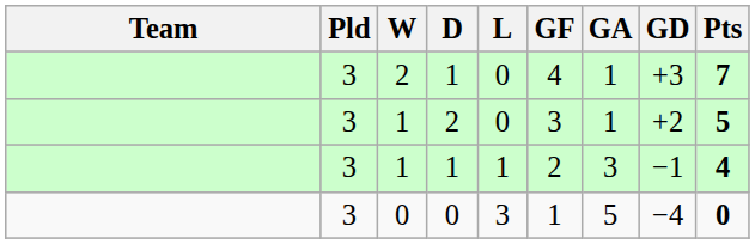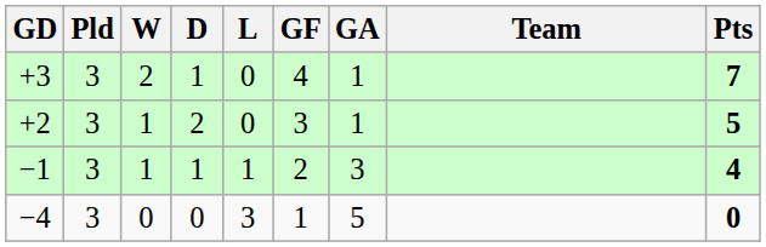 <table class=wikitable style="text-align:center">
 <tr>
-<th width=165>Team</th>
+<th width=20>GD</th>
 <th width=20>Pld</th>
 <th width=20>W</th>
 <th width=20>D</th>
 <th width=20>L</th>
 <th width=20>GF</th>
 <th width=20>GA</th>
-<th width=20>GD</th>
+<th width=165>Team</th>
 <th width=20>Pts</th>
 </tr>
 <tr align=center bgcolor=ccffcc>
-<td align=left></td>
+<td>+3</td>
 <td>3</td>
 <td>2</td>
 <td>1</td>
 <td>0</td>
 <td>4</td>
 <td>1</td>
-<td>+3</td>
+<td align=left></td>
 <td><strong>7</strong></td>
 </tr>
 <tr align=center bgcolor=ccffcc>
-<td align=left></td>
+<td>+2</td>
 <td>3</td>
 <td>1</td>
 <td>2</td>
 <td>0</td>
 <td>3</td>
 <td>1</td>
-<td>+2</td>
+<td align=left></td>
 <td><strong>5</strong></td>
 </tr>
 <tr align=center bgcolor=ccffcc>
-<td align=left></td>
+<td>−1</td>
 <td>3</td>
 <td>1</td>
 <td>1</td>
 <td>1</td>
 <td>2</td>
 <td>3</td>
-<td>−1</td>
+<td align=left></td>
 <td><strong>4</strong></td>
 </tr>
 <tr align=center>
-<td align=left></td>
+<td>−4</td>
 <td>3</td>
 <td>0</td>
 <td>0</td>
 <td>3</td>
 <td>1</td>
 <td>5</td>
-<td>−4</td>
+<td align=left></td>
 <td><strong>0</strong></td>
 </tr>
 </table>
